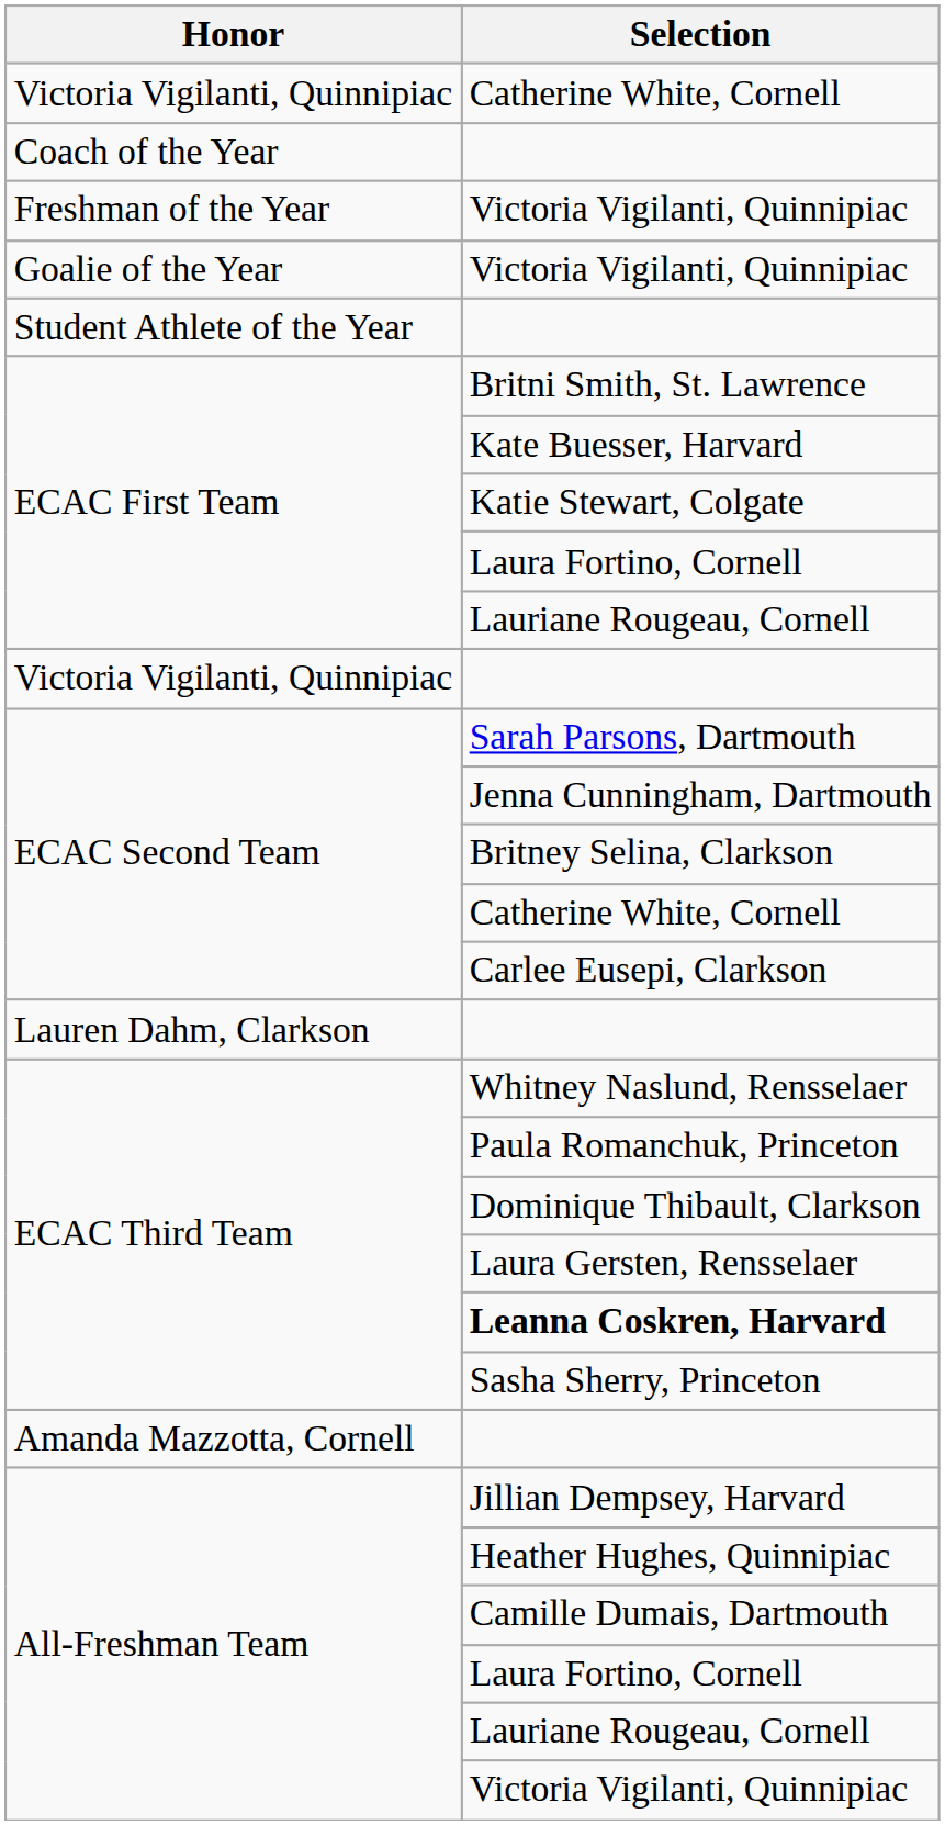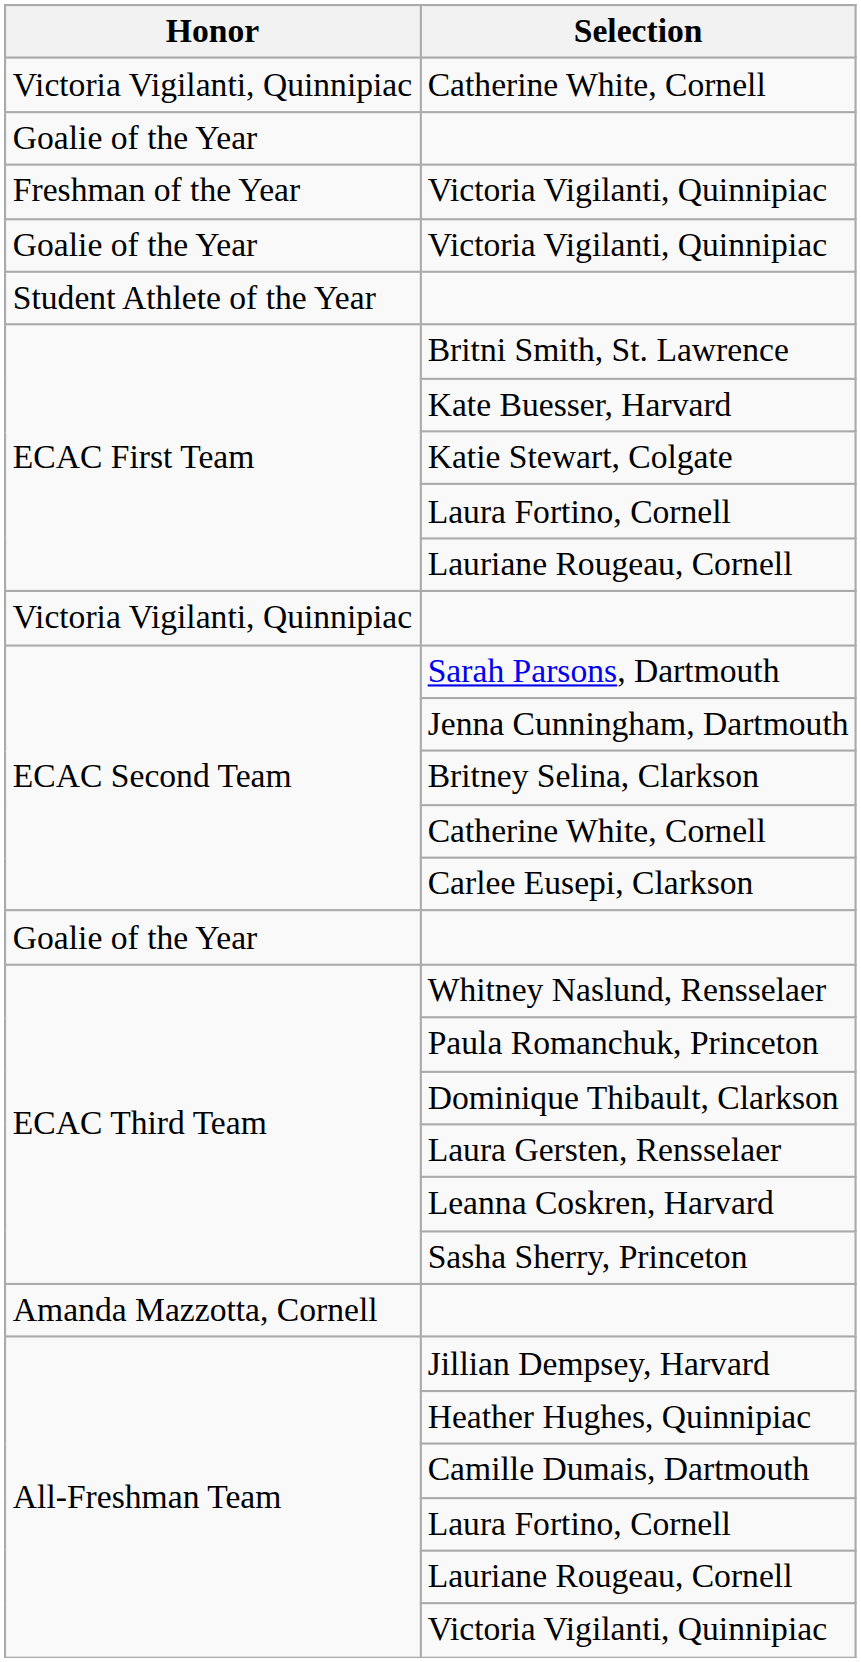 <table class="wikitable">
 <tr>
 <th>Honor</th>
 <th>Selection</th>
 </tr>
 <tr>
 <td>Victoria Vigilanti, Quinnipiac</td>
 <td>Catherine White, Cornell</td>
 </tr>
 <tr>
-<td>Coach of the Year</td>
+<td>Goalie of the Year</td>
 <td></td>
 </tr>
 <tr>
 <td>Freshman of the Year</td>
 <td>Victoria Vigilanti, Quinnipiac</td>
 </tr>
 <tr>
 <td>Goalie of the Year</td>
 <td>Victoria Vigilanti, Quinnipiac</td>
 </tr>
 <tr>
 <td>Student Athlete of the Year</td>
 <td></td>
 </tr>
 <tr>
 <td rowspan="5" style="vertical-align:middle;">ECAC First Team</td>
 <td>Britni Smith, St. Lawrence</td>
 </tr>
 <tr>
 <td>Kate Buesser, Harvard</td>
 </tr>
 <tr>
 <td>Katie Stewart, Colgate</td>
 </tr>
 <tr>
 <td>Laura Fortino, Cornell</td>
 </tr>
 <tr>
 <td>Lauriane Rougeau, Cornell</td>
 </tr>
 <tr>
 <td>Victoria Vigilanti, Quinnipiac</td>
 </tr>
 <tr>
 <td rowspan="5" style="vertical-align:middle;">ECAC Second Team</td>
 <td><a href='#'>Sarah Parsons</a>, Dartmouth</td>
 </tr>
 <tr>
 <td>Jenna Cunningham, Dartmouth</td>
 </tr>
 <tr>
 <td>Britney Selina, Clarkson</td>
 </tr>
 <tr>
 <td>Catherine White, Cornell</td>
 </tr>
 <tr>
 <td>Carlee Eusepi, Clarkson</td>
 </tr>
 <tr>
-<td>Lauren Dahm, Clarkson</td>
+<td>Goalie of the Year</td>
 </tr>
 <tr>
 <td rowspan="6" style="vertical-align:middle;">ECAC Third Team</td>
 <td>Whitney Naslund, Rensselaer</td>
 </tr>
 <tr>
 <td>Paula Romanchuk, Princeton</td>
 </tr>
 <tr>
 <td>Dominique Thibault, Clarkson</td>
 </tr>
 <tr>
 <td>Laura Gersten, Rensselaer</td>
 </tr>
 <tr>
-<td><strong>Leanna Coskren, Harvard</strong></td>
+<td>Leanna Coskren, Harvard</td>
 </tr>
 <tr>
 <td>Sasha Sherry, Princeton</td>
 </tr>
 <tr>
 <td>Amanda Mazzotta, Cornell</td>
 </tr>
 <tr>
 <td rowspan="6" style="vertical-align:middle;">All-Freshman Team</td>
 <td>Jillian Dempsey, Harvard</td>
 </tr>
 <tr>
 <td>Heather Hughes, Quinnipiac</td>
 </tr>
 <tr>
 <td>Camille Dumais, Dartmouth</td>
 </tr>
 <tr>
 <td>Laura Fortino, Cornell</td>
 </tr>
 <tr>
 <td>Lauriane Rougeau, Cornell</td>
 </tr>
 <tr>
 <td>Victoria Vigilanti, Quinnipiac</td>
 </tr>
 </table>
